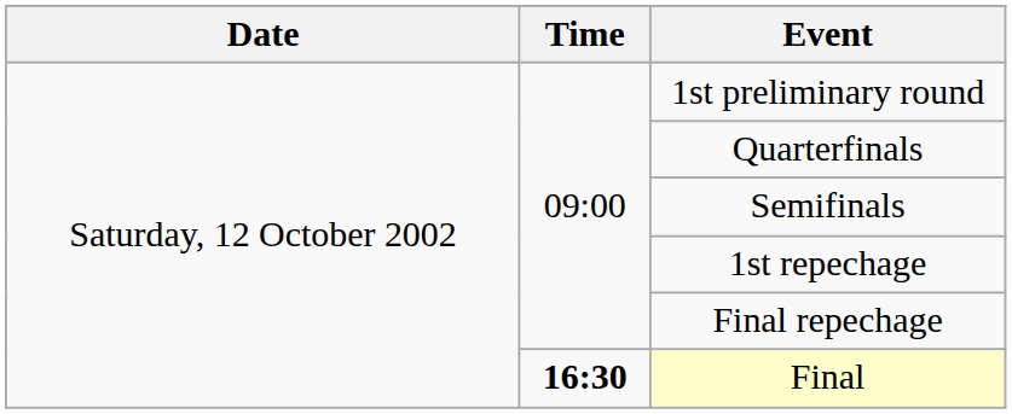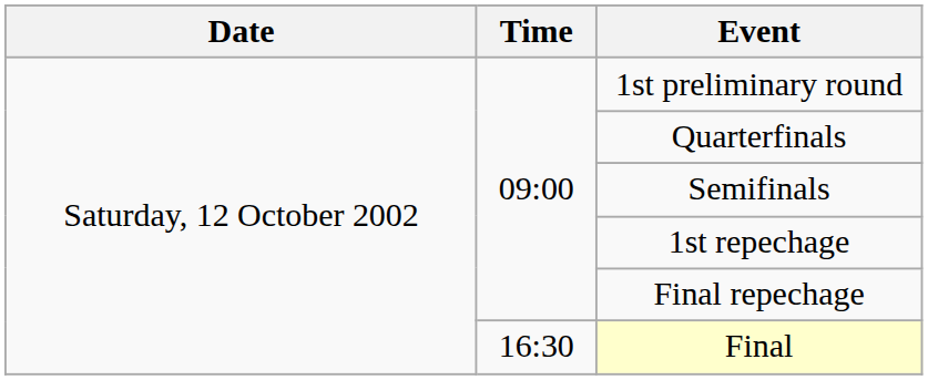 <table class = "wikitable" style="text-align:center;">
 <tr>
 <th width=220>Date</th>
 <th width=50>Time</th>
 <th width=150>Event</th>
 </tr>
 <tr>
 <td rowspan=6>Saturday, 12 October 2002</td>
 <td rowspan=5>09:00</td>
 <td>1st preliminary round</td>
 </tr>
 <tr>
 <td>Quarterfinals</td>
 </tr>
 <tr>
 <td>Semifinals</td>
 </tr>
 <tr>
 <td>1st repechage</td>
 </tr>
 <tr>
 <td>Final repechage</td>
 </tr>
 <tr>
-<td><strong>16:30</strong></td>
+<td>16:30</td>
 <td bgcolor=ffffcc>Final</td>
 </tr>
 </table>
